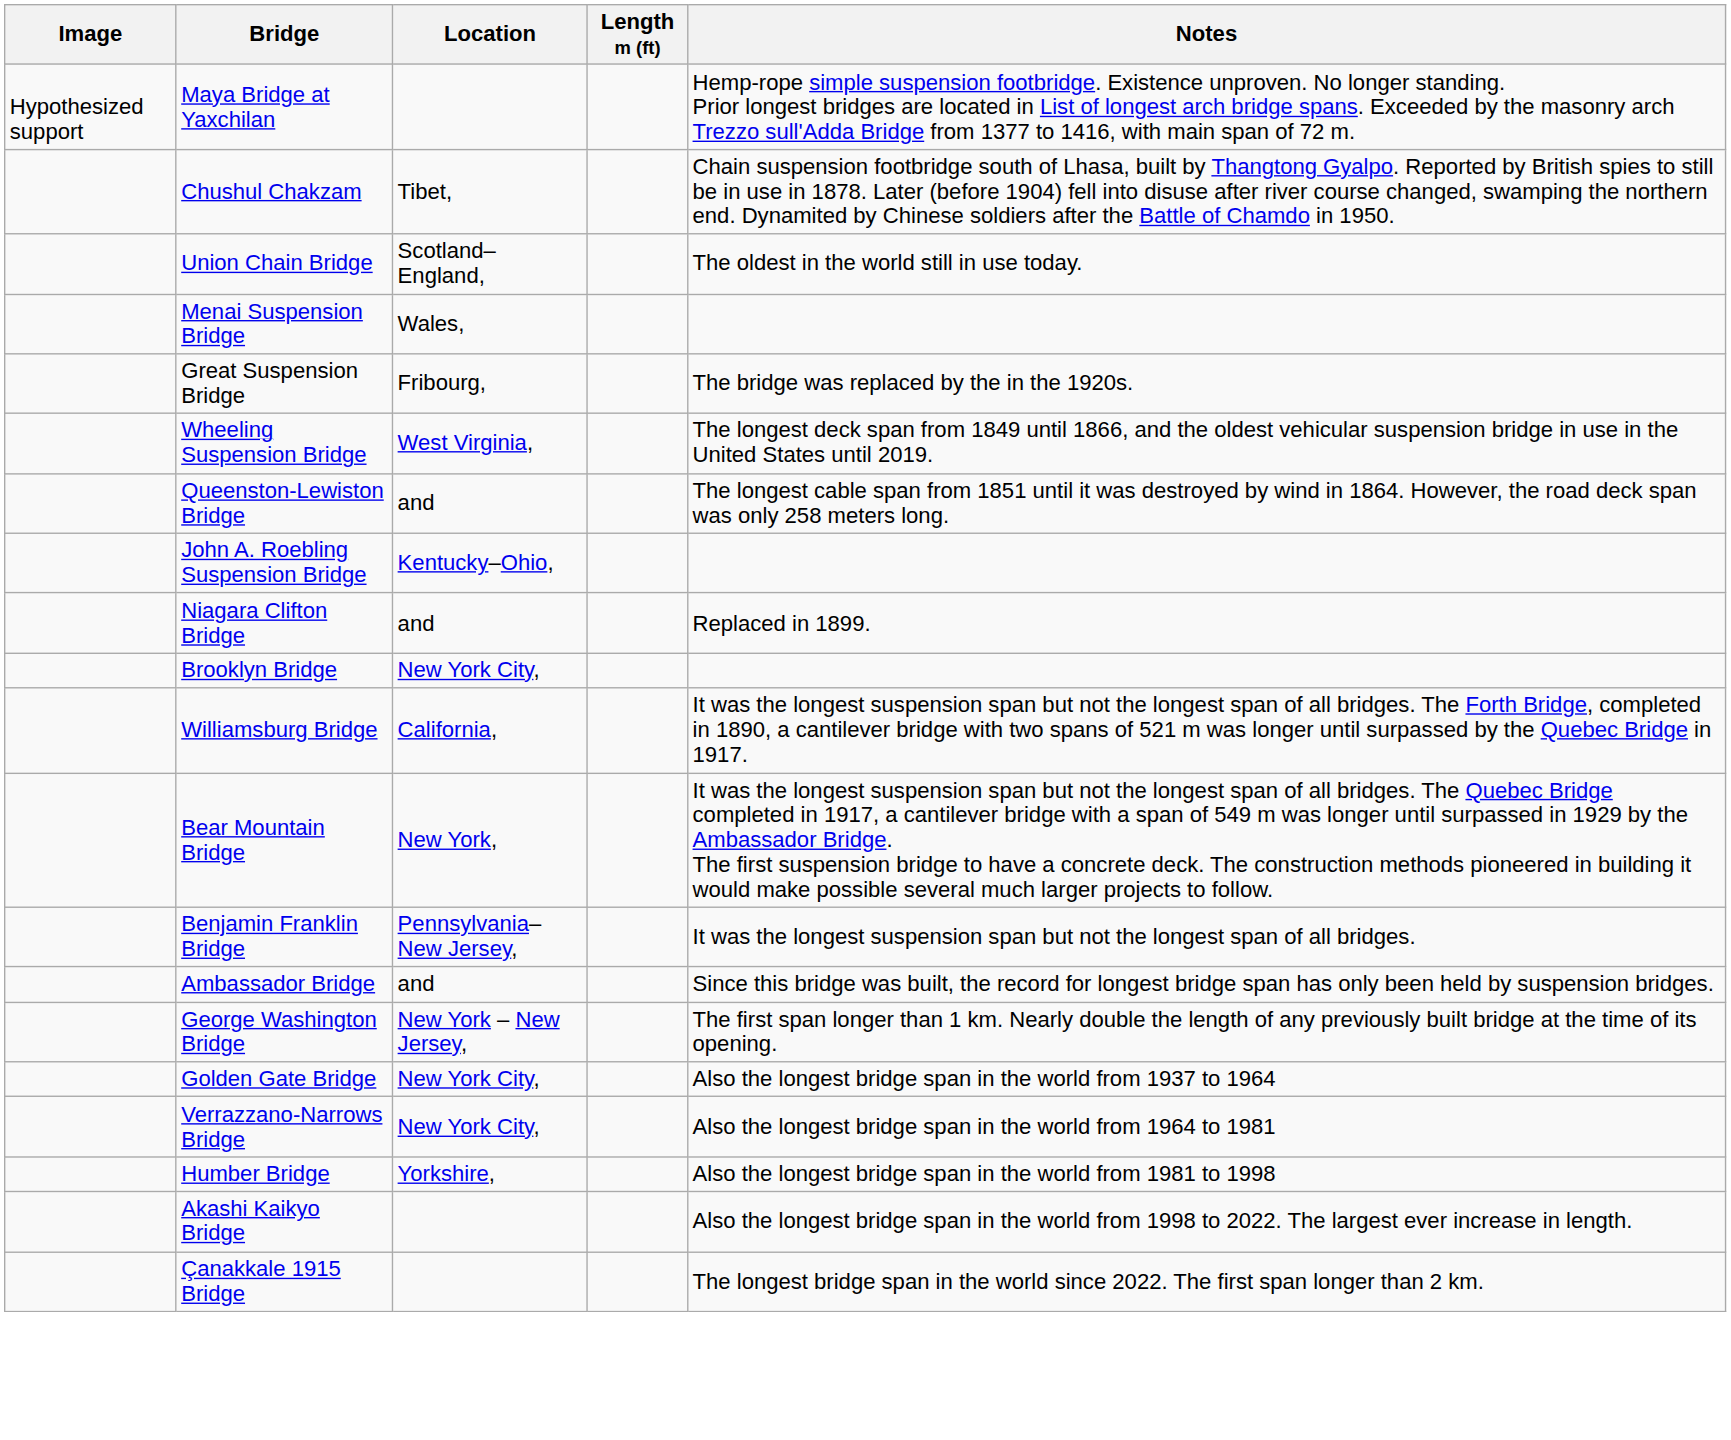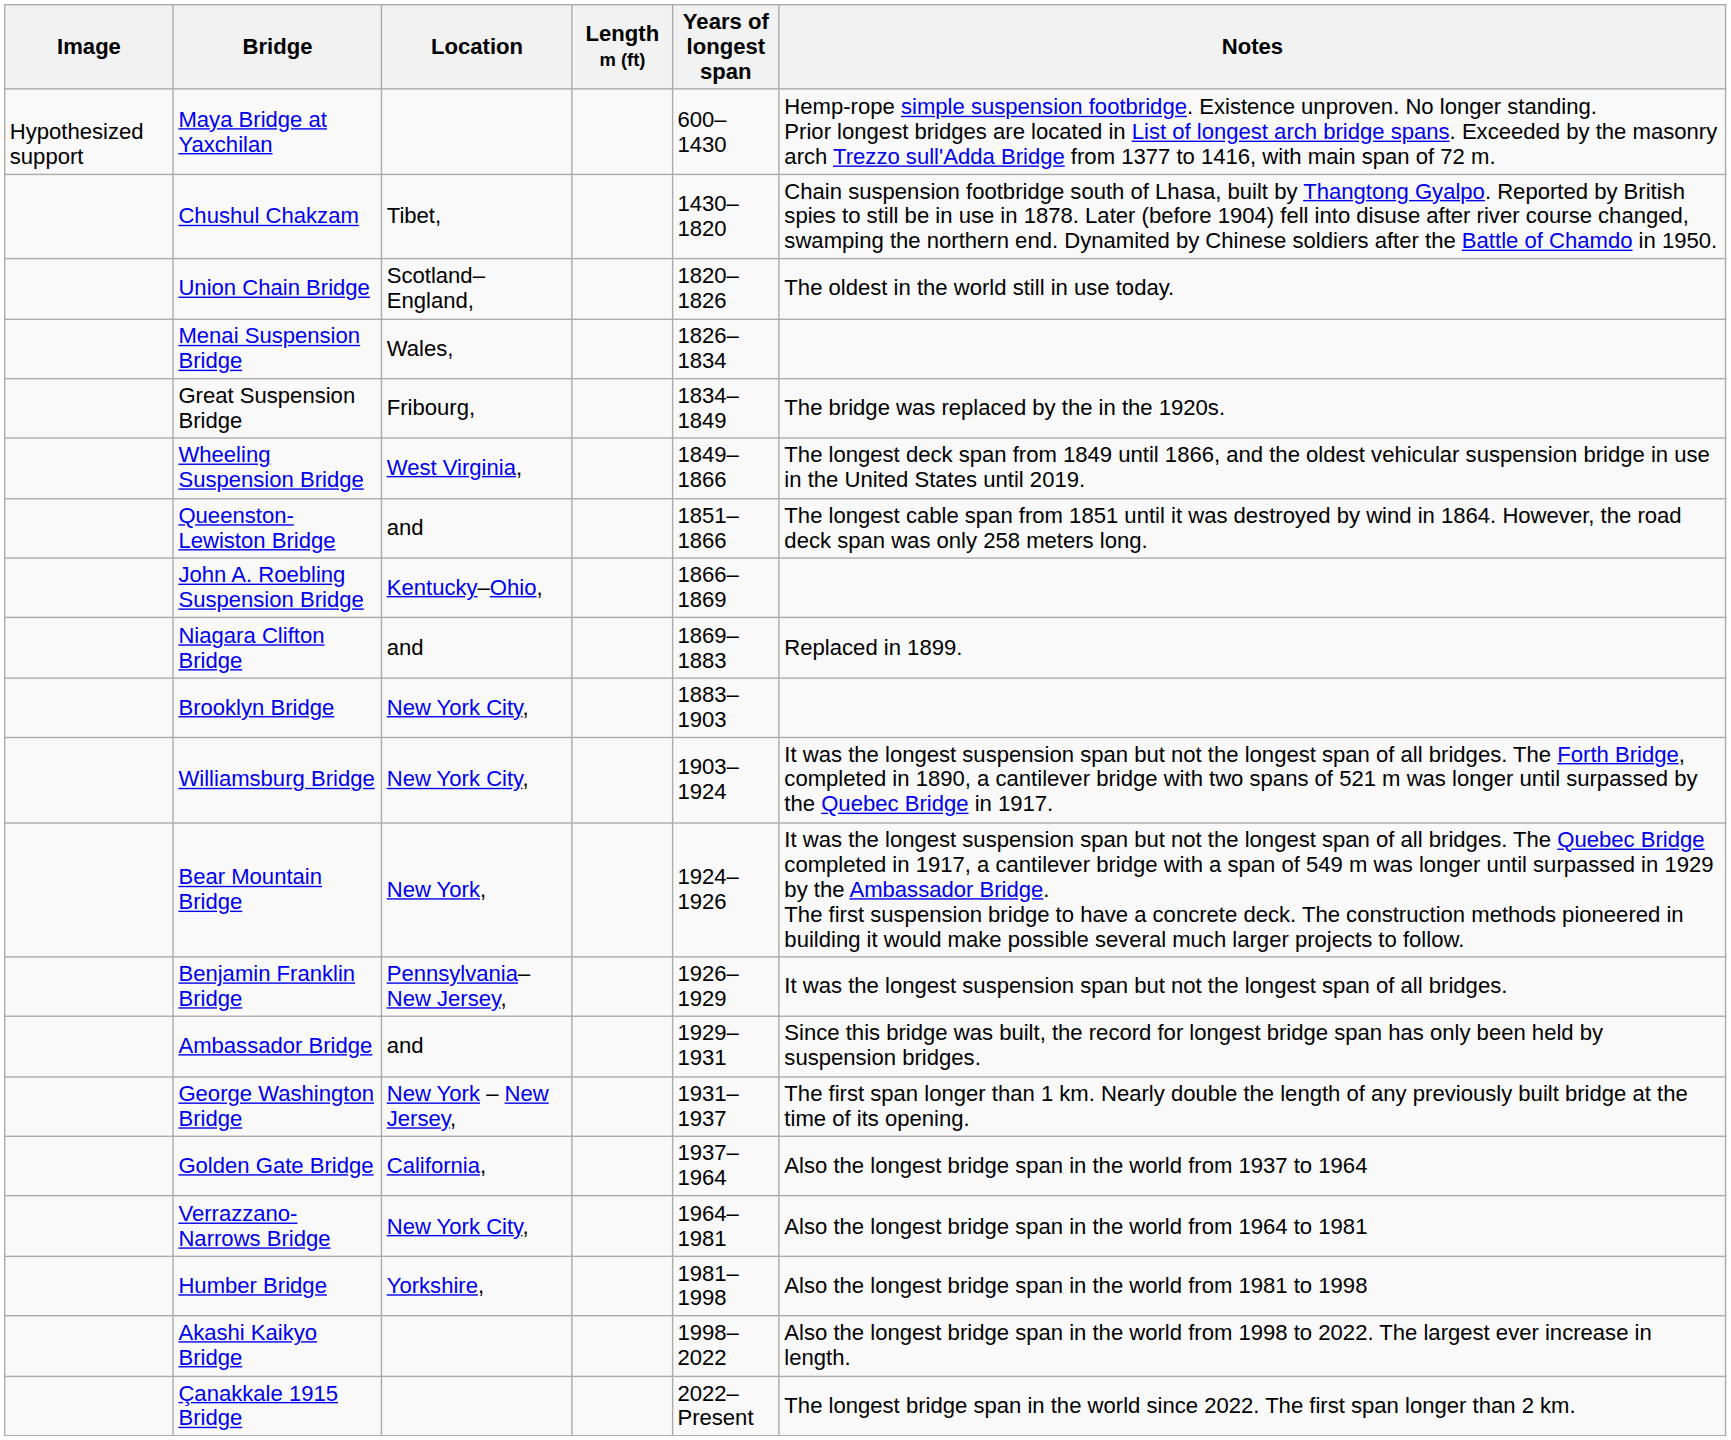 <table class="wikitable sortable">
 <tr>
 <th class="unsortable">Image</th>
 <th>Bridge</th>
 <th>Location</th>
 <th style="width:65px;">Length <br><small>m (ft)</small></th>
+<th>Years of<br>longest span</th>
 <th class="unsortable">Notes</th>
 </tr>
 <tr>
 <td><br>Hypothesized support</td>
 <td><a href='#'>Maya Bridge at Yaxchilan</a></td>
 <td></td>
 <td></td>
+<td>600–1430</td>
 <td>Hemp-rope <a href='#'>simple suspension footbridge</a>. Existence unproven. No longer standing.<br>Prior longest bridges are located in <a href='#'>List of longest arch bridge spans</a>. Exceeded by the masonry arch <a href='#'>Trezzo sull'Adda Bridge</a> from 1377 to 1416, with main span of 72 m.</td>
 </tr>
 <tr>
 <td></td>
 <td><a href='#'>Chushul Chakzam</a></td>
 <td>Tibet, </td>
 <td></td>
+<td>1430–1820</td>
 <td>Chain suspension footbridge south of Lhasa, built by <a href='#'>Thangtong Gyalpo</a>. Reported by British spies to still be in use in 1878. Later (before 1904) fell into disuse after river course changed, swamping the northern end. Dynamited by Chinese soldiers after the <a href='#'>Battle of Chamdo</a> in 1950.</td>
 </tr>
 <tr>
 <td></td>
 <td><a href='#'>Union Chain Bridge</a></td>
 <td>Scotland–England, </td>
 <td></td>
+<td>1820–1826</td>
 <td>The oldest in the world still in use today.</td>
 </tr>
 <tr>
 <td></td>
 <td><a href='#'>Menai Suspension Bridge</a></td>
 <td>Wales, </td>
 <td></td>
+<td>1826–1834</td>
 <td></td>
 </tr>
 <tr>
 <td></td>
 <td>Great Suspension Bridge</td>
 <td>Fribourg, </td>
 <td></td>
+<td>1834–1849</td>
 <td>The bridge was replaced by the  in the 1920s.</td>
 </tr>
 <tr>
 <td></td>
 <td><a href='#'>Wheeling Suspension Bridge</a></td>
 <td><a href='#'>West Virginia</a>, </td>
 <td></td>
+<td>1849–1866</td>
 <td>The longest deck span from 1849 until 1866, and the oldest vehicular suspension bridge in use in the United States until 2019.</td>
 </tr>
 <tr>
 <td></td>
 <td><a href='#'>Queenston-Lewiston Bridge</a></td>
 <td> and </td>
 <td></td>
+<td>1851–1866</td>
 <td>The longest cable span from 1851 until it was destroyed by wind in 1864. However, the road deck span was only 258 meters long.</td>
 </tr>
 <tr>
 <td></td>
 <td><a href='#'>John A. Roebling Suspension Bridge</a></td>
 <td><a href='#'>Kentucky</a>–<a href='#'>Ohio</a>, </td>
 <td></td>
+<td>1866–1869</td>
 <td></td>
 </tr>
 <tr>
 <td></td>
 <td><a href='#'>Niagara Clifton Bridge</a></td>
 <td> and </td>
 <td></td>
+<td>1869–1883</td>
 <td>Replaced in 1899.</td>
 </tr>
 <tr>
 <td></td>
 <td><a href='#'>Brooklyn Bridge</a></td>
 <td><a href='#'>New York City</a>, </td>
 <td></td>
+<td>1883–1903</td>
 <td></td>
 </tr>
 <tr>
 <td></td>
 <td><a href='#'>Williamsburg Bridge</a></td>
-<td><a href='#'>California</a>, </td>
+<td><a href='#'>New York City</a>, </td>
 <td></td>
+<td>1903–1924</td>
 <td>It was the longest suspension span but not the longest span of all bridges. The <a href='#'>Forth Bridge</a>, completed in 1890, a cantilever bridge with two spans of 521 m was longer until surpassed by the <a href='#'>Quebec Bridge</a> in 1917.</td>
 </tr>
 <tr>
 <td></td>
 <td><a href='#'>Bear Mountain Bridge</a></td>
 <td><a href='#'>New York</a>, </td>
 <td></td>
+<td>1924–1926</td>
 <td>It was the longest suspension span but not the longest span of all bridges. The <a href='#'>Quebec Bridge</a> completed in 1917, a cantilever bridge with a span of 549 m was longer until surpassed in 1929 by the <a href='#'>Ambassador Bridge</a>.<br>The first suspension bridge to have a concrete deck. The construction methods pioneered in building it would make possible several much larger projects to follow.</td>
 </tr>
 <tr>
 <td></td>
 <td><a href='#'>Benjamin Franklin Bridge</a></td>
 <td><a href='#'>Pennsylvania</a>–<a href='#'>New Jersey</a>, </td>
 <td></td>
+<td>1926–1929</td>
 <td>It was the longest suspension span but not the longest span of all bridges.</td>
 </tr>
 <tr>
 <td></td>
 <td><a href='#'>Ambassador Bridge</a></td>
 <td> and </td>
 <td></td>
+<td>1929–1931</td>
 <td>Since this bridge was built, the record for longest bridge span has only been held by suspension bridges.</td>
 </tr>
 <tr>
 <td></td>
 <td><a href='#'>George Washington Bridge</a></td>
 <td><a href='#'>New York</a> – <a href='#'>New Jersey</a>, </td>
 <td></td>
+<td>1931–1937</td>
 <td>The first span longer than 1 km. Nearly double the length of any previously built bridge at the time of its opening.</td>
 </tr>
 <tr>
 <td></td>
 <td><a href='#'>Golden Gate Bridge</a></td>
-<td><a href='#'>New York City</a>, </td>
+<td><a href='#'>California</a>, </td>
 <td></td>
+<td>1937–1964</td>
 <td>Also the longest bridge span in the world from 1937 to 1964</td>
 </tr>
 <tr>
 <td></td>
 <td><a href='#'>Verrazzano-Narrows Bridge</a></td>
 <td><a href='#'>New York City</a>, </td>
 <td></td>
+<td>1964–1981</td>
 <td>Also the longest bridge span in the world from 1964 to 1981</td>
 </tr>
 <tr>
 <td></td>
 <td><a href='#'>Humber Bridge</a></td>
 <td><a href='#'>Yorkshire</a>, </td>
 <td></td>
+<td>1981–1998</td>
 <td>Also the longest bridge span in the world from 1981 to 1998</td>
 </tr>
 <tr>
 <td></td>
 <td><a href='#'>Akashi Kaikyo Bridge</a></td>
 <td></td>
 <td></td>
+<td>1998–2022</td>
 <td>Also the longest bridge span in the world from 1998 to 2022. The largest ever increase in length.</td>
 </tr>
 <tr>
 <td></td>
 <td><a href='#'>Çanakkale 1915 Bridge</a></td>
 <td></td>
 <td></td>
+<td>2022–Present</td>
 <td>The longest bridge span in the world since 2022. The first span longer than 2 km.</td>
 </tr>
 </table>
